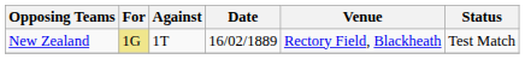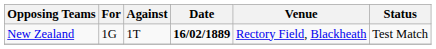 <table class="wikitable">
 <tr>
 <th>Opposing Teams</th>
 <th>For</th>
 <th>Against</th>
 <th>Date</th>
 <th>Venue</th>
 <th>Status</th>
 </tr>
 <tr>
 <td><a href='#'>New Zealand</a></td>
-<td style="background: khaki;">1G</td>
+<td>1G</td>
 <td>1T</td>
-<td>16/02/1889</td>
+<td><strong>16/02/1889</strong></td>
 <td><a href='#'>Rectory Field</a>, <a href='#'>Blackheath</a></td>
 <td>Test Match</td>
 </tr>
 <tr>
 </tr>
 </table>
